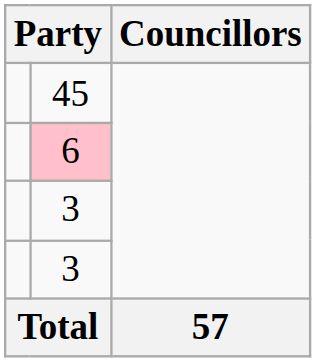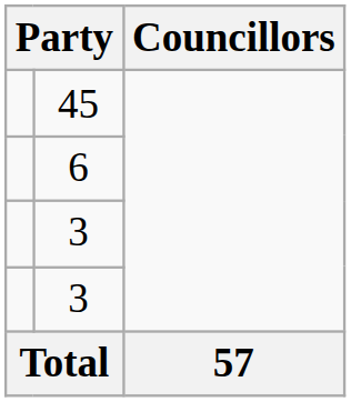 <table class="wikitable">
 <tr>
 <th colspan=2>Party</th>
 <th>Councillors</th>
 </tr>
 <tr>
 <td></td>
 <td align=center>45</td>
 </tr>
 <tr>
 <td></td>
-<td align=center style="background: pink;">6</td>
+<td align=center>6</td>
 </tr>
 <tr>
 <td></td>
 <td align=center>3</td>
 </tr>
 <tr>
 <td></td>
 <td align=center>3</td>
 </tr>
 <tr>
 <th colspan=2>Total</th>
 <th>57</th>
 </tr>
 </table>
